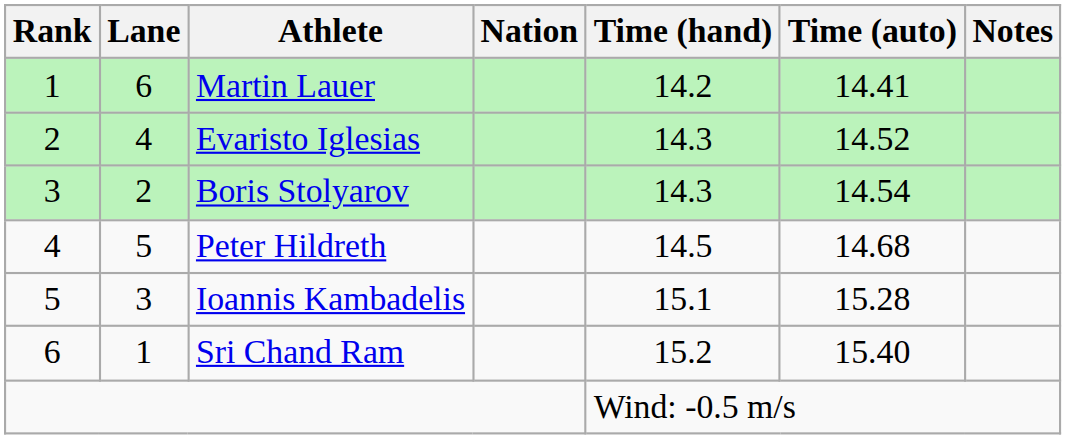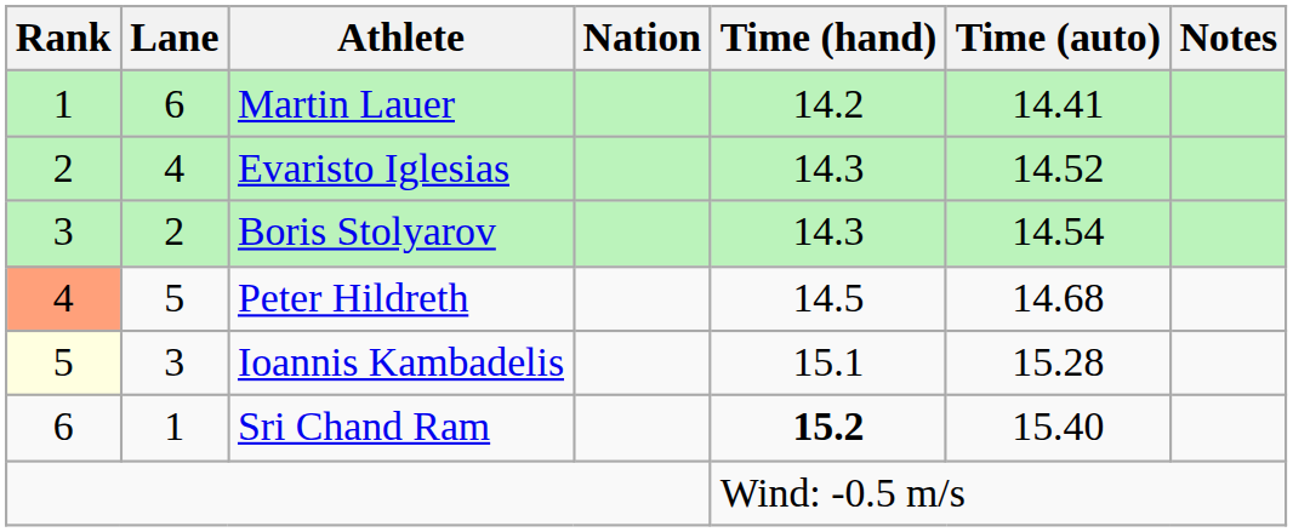 <table class="wikitable sortable" style="text-align:center">
 <tr>
 <th>Rank</th>
 <th>Lane</th>
 <th>Athlete</th>
 <th>Nation</th>
 <th>Time (hand)</th>
 <th>Time (auto)</th>
 <th>Notes</th>
 </tr>
 <tr bgcolor=bbf3bb>
 <td>1</td>
 <td>6</td>
 <td align=left><a href='#'>Martin Lauer</a></td>
 <td align=left></td>
 <td>14.2</td>
 <td>14.41</td>
 <td></td>
 </tr>
 <tr bgcolor=bbf3bb>
 <td>2</td>
 <td>4</td>
 <td align=left><a href='#'>Evaristo Iglesias</a></td>
 <td align=left></td>
 <td>14.3</td>
 <td>14.52</td>
 <td></td>
 </tr>
 <tr bgcolor=bbf3bb>
 <td>3</td>
 <td>2</td>
 <td align=left><a href='#'>Boris Stolyarov</a></td>
 <td align=left></td>
 <td>14.3</td>
 <td>14.54</td>
 <td></td>
 </tr>
 <tr>
-<td>4</td>
+<td style="background: lightsalmon;">4</td>
 <td>5</td>
 <td align=left><a href='#'>Peter Hildreth</a></td>
 <td align=left></td>
 <td>14.5</td>
 <td>14.68</td>
 <td></td>
 </tr>
 <tr>
-<td>5</td>
+<td style="background: lightyellow;">5</td>
 <td>3</td>
 <td align=left><a href='#'>Ioannis Kambadelis</a></td>
 <td align=left></td>
 <td>15.1</td>
 <td>15.28</td>
 <td></td>
 </tr>
 <tr>
 <td>6</td>
 <td>1</td>
 <td align=left><a href='#'>Sri Chand Ram</a></td>
 <td align=left></td>
-<td>15.2</td>
+<td><strong>15.2</strong></td>
 <td>15.40</td>
 <td></td>
 </tr>
 <tr class="sortbottom">
 <td colspan=4></td>
 <td colspan="3" style="text-align:left;">Wind: -0.5 m/s</td>
 </tr>
 </table>
